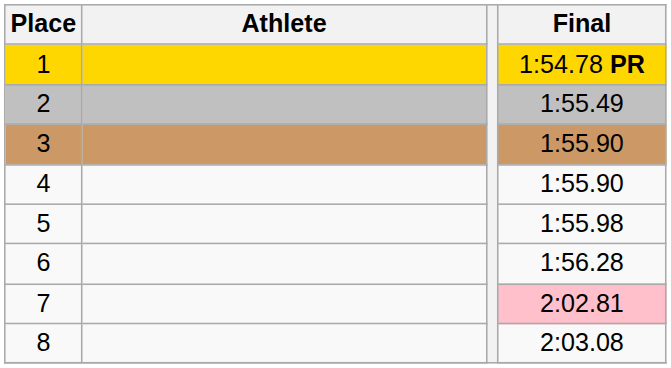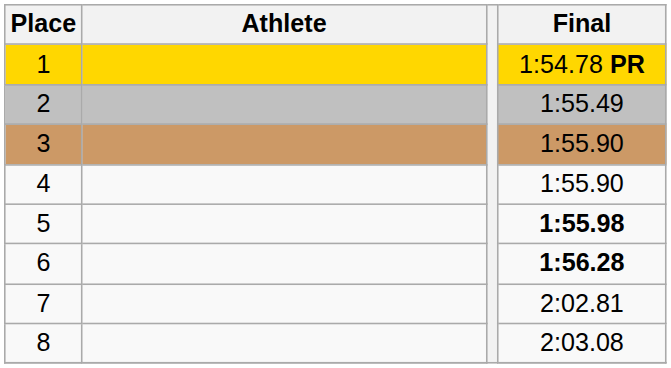 <table class="wikitable" style="text-align:center">
 <tr>
 <th>Place</th>
 <th width=250>Athlete</th>
 <th rowspan=10></th>
 <th width=100>Final</th>
 </tr>
 <tr bgcolor=gold>
 <td>1</td>
 <td align=left></td>
 <td>1:54.78 <strong>PR</strong></td>
 </tr>
 <tr bgcolor=silver>
 <td>2</td>
 <td align=left></td>
 <td>1:55.49</td>
 </tr>
 <tr bgcolor=cc9966>
 <td>3</td>
 <td align=left></td>
 <td>1:55.90</td>
 </tr>
 <tr>
 <td>4</td>
 <td align=left></td>
 <td>1:55.90</td>
 </tr>
 <tr>
 <td>5</td>
 <td align=left></td>
-<td>1:55.98</td>
+<td><strong>1:55.98</strong></td>
 </tr>
 <tr>
 <td>6</td>
 <td align=left></td>
-<td>1:56.28</td>
+<td><strong>1:56.28</strong></td>
 </tr>
 <tr>
 <td>7</td>
 <td align=left></td>
-<td style="background: pink;">2:02.81</td>
+<td>2:02.81</td>
 </tr>
 <tr>
 <td>8</td>
 <td align=left></td>
 <td>2:03.08</td>
 </tr>
 <tr>
 </tr>
 </table>
